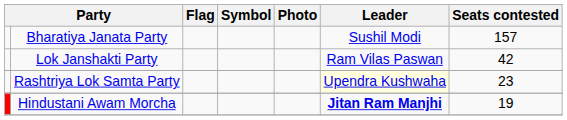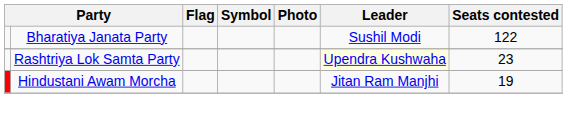 <table class="wikitable" style="text-align:center;">
 <tr>
 <th colspan="2">Party</th>
 <th>Flag</th>
 <th>Symbol</th>
 <th>Photo</th>
 <th>Leader</th>
 <th>Seats contested</th>
 </tr>
 <tr>
 <td></td>
 <td><a href='#'>Bharatiya Janata Party</a></td>
 <td></td>
 <td></td>
 <td></td>
 <td><a href='#'>Sushil Modi</a></td>
-<td>157</td>
-</tr>
-<tr>
-<td></td>
-<td><a href='#'>Lok Janshakti Party</a></td>
-<td></td>
-<td></td>
-<td></td>
-<td><a href='#'>Ram Vilas Paswan</a></td>
-<td>42</td>
+<td>122</td>
 </tr>
 <tr>
 </tr>
 <tr>
 <td></td>
 <td><a href='#'>Rashtriya Lok Samta Party</a></td>
 <td></td>
 <td></td>
 <td></td>
 <td style="background: lightyellow;"><a href='#'>Upendra Kushwaha</a></td>
 <td>23</td>
 </tr>
 <tr>
 </tr>
 <tr>
 <td bgcolor="#FF0000"></td>
 <td><a href='#'>Hindustani Awam Morcha</a></td>
 <td></td>
 <td></td>
 <td></td>
-<td><strong><a href='#'>Jitan Ram Manjhi</a></strong></td>
+<td><a href='#'>Jitan Ram Manjhi</a></td>
 <td>19</td>
 </tr>
 <tr>
 </tr>
 </table>
